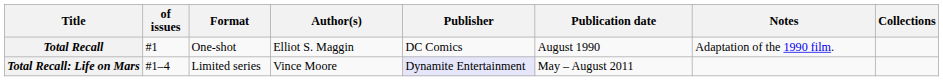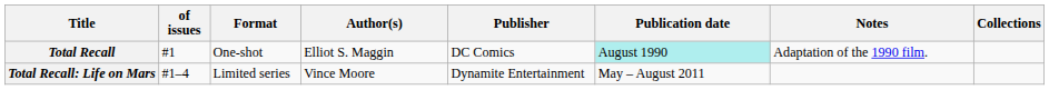 <table class="wikitable">
 <tr>
 <th>Title</th>
 <th style="width:40pt"> of issues</th>
 <th style="width:75pt">Format</th>
 <th style="width:125pt">Author(s)</th>
 <th style="width:125pt">Publisher</th>
 <th style="width:150pt">Publication date</th>
 <th style="width:175pt">Notes</th>
 <th>Collections</th>
 </tr>
 <tr>
 <th><em>Total Recall</em></th>
 <td>#1</td>
 <td>One-shot</td>
 <td>Elliot S. Maggin</td>
 <td>DC Comics</td>
-<td>August 1990</td>
+<td style="background: paleturquoise;">August 1990</td>
 <td>Adaptation of the <a href='#'>1990 film</a>.</td>
 <td></td>
 </tr>
 <tr>
 <th><em>Total Recall: Life on Mars</em></th>
 <td>#1–4</td>
 <td>Limited series</td>
 <td>Vince Moore</td>
-<td style="background: lavender;">Dynamite Entertainment</td>
+<td>Dynamite Entertainment</td>
 <td>May – August 2011</td>
 <td></td>
 <td></td>
 </tr>
 </table>
